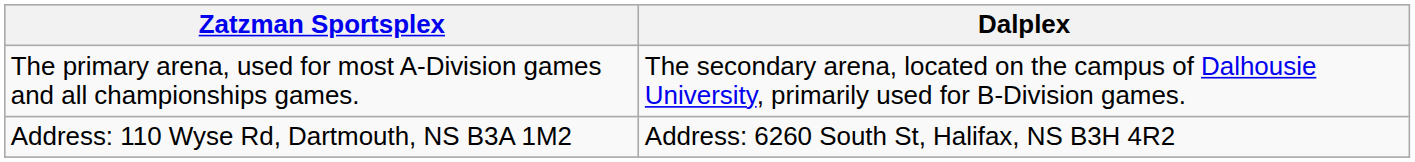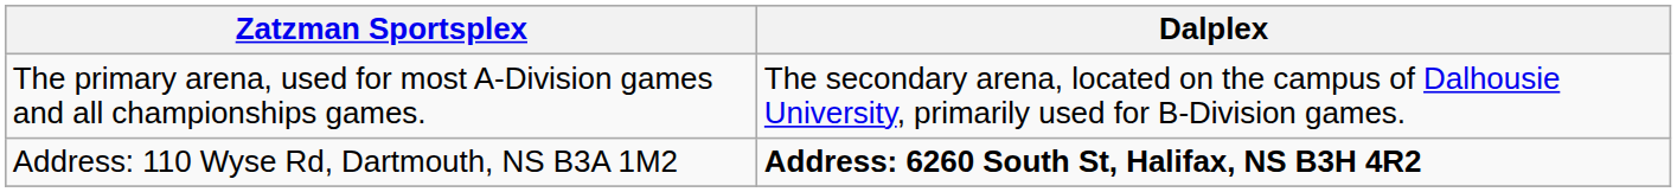 <table class="wikitable">
 <tr>
 <th><a href='#'>Zatzman Sportsplex</a></th>
 <th>Dalplex</th>
 </tr>
 <tr>
 <td>The primary arena, used for most A-Division games and all championships games.</td>
 <td>The secondary arena, located on the campus of <a href='#'>Dalhousie University</a>, primarily used for B-Division games.</td>
 </tr>
 <tr>
 <td>Address: 110 Wyse Rd, Dartmouth, NS B3A 1M2</td>
-<td>Address: 6260 South St, Halifax, NS B3H 4R2</td>
+<td><strong>Address: 6260 South St, Halifax, NS B3H 4R2</strong></td>
 </tr>
 </table>
